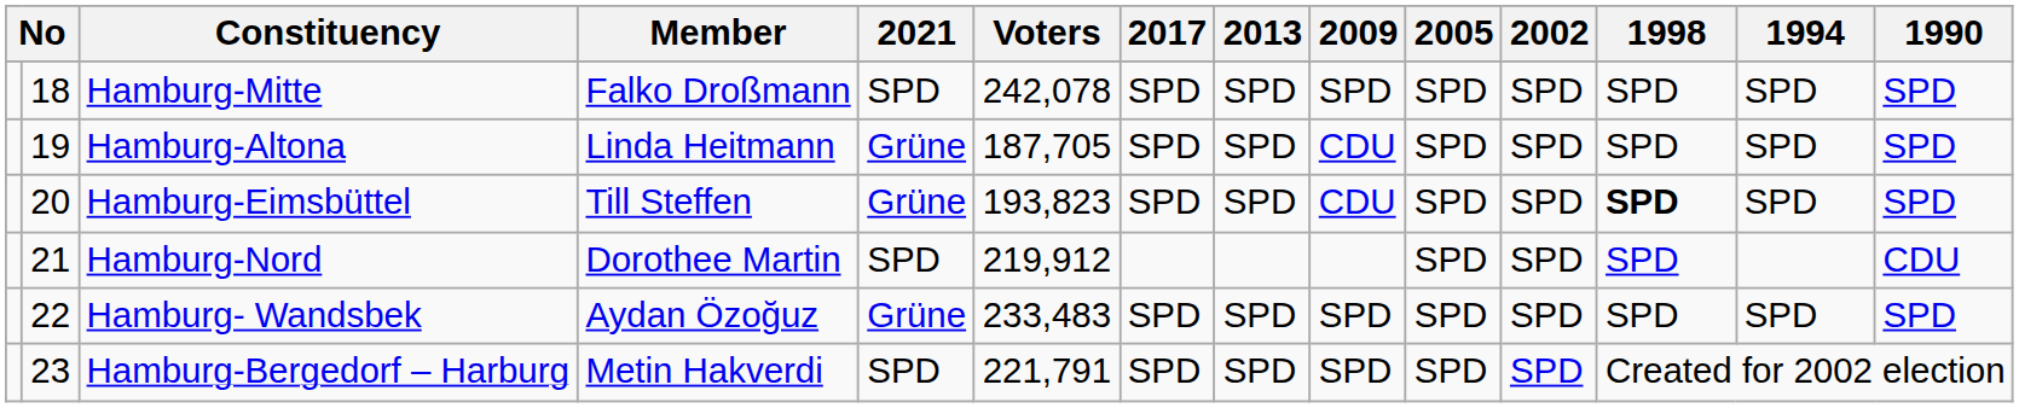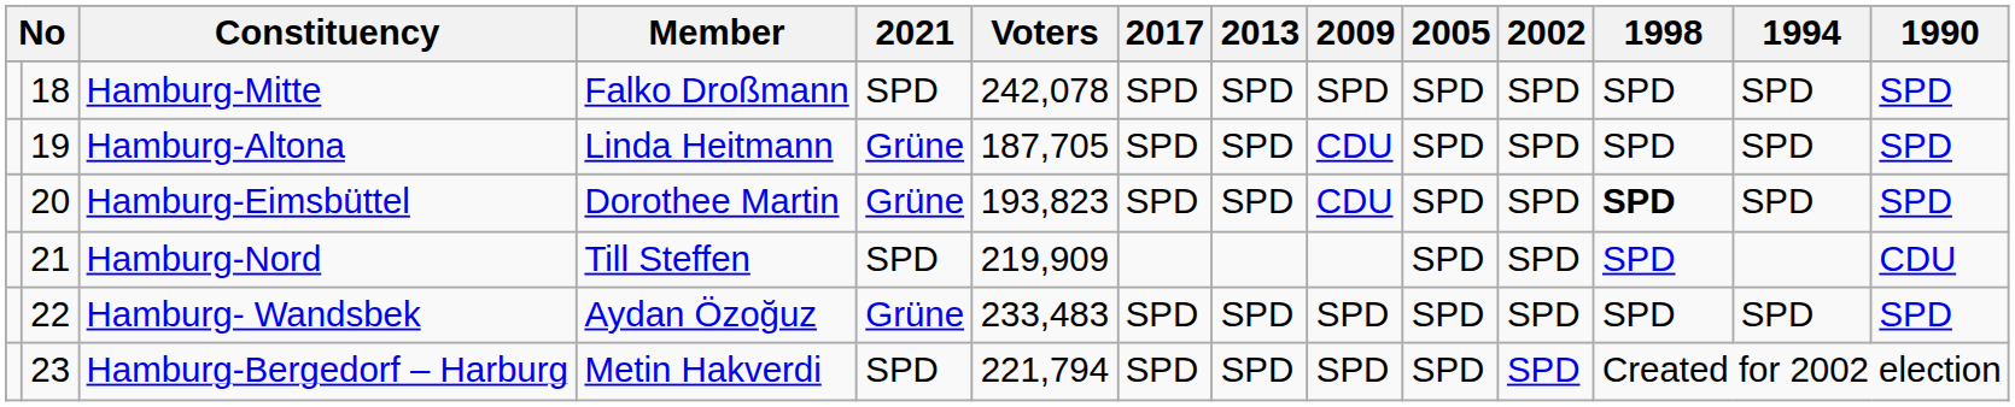 <table class="wikitable sortable">
 <tr>
 <th colspan=2>No</th>
 <th>Constituency</th>
 <th>Member</th>
 <th>2021</th>
 <th>Voters</th>
 <th>2017</th>
 <th>2013</th>
 <th>2009</th>
 <th>2005</th>
 <th>2002</th>
 <th>1998</th>
 <th>1994</th>
 <th>1990</th>
 </tr>
 <tr>
 <td style="background-color: "></td>
 <td>18</td>
 <td><a href='#'>Hamburg-Mitte</a></td>
 <td><a href='#'>Falko Droßmann</a></td>
 <td bgcolor=>SPD</td>
 <td>242,078</td>
 <td bgcolor=>SPD</td>
 <td bgcolor=>SPD</td>
 <td bgcolor=>SPD</td>
 <td bgcolor=>SPD</td>
 <td bgcolor=>SPD</td>
 <td bgcolor=>SPD</td>
 <td bgcolor=>SPD</td>
 <td><a href='#'>SPD</a></td>
 </tr>
 <tr>
 <td style="background-color: "></td>
 <td>19</td>
 <td><a href='#'>Hamburg-Altona</a></td>
 <td><a href='#'>Linda Heitmann</a></td>
 <td bgcolor=><a href='#'>Grüne</a></td>
 <td>187,705</td>
 <td bgcolor=>SPD</td>
 <td bgcolor=>SPD</td>
 <td><a href='#'>CDU</a></td>
 <td bgcolor=>SPD</td>
 <td bgcolor=>SPD</td>
 <td bgcolor=>SPD</td>
 <td bgcolor=>SPD</td>
 <td><a href='#'>SPD</a></td>
 </tr>
 <tr>
 <td style="background-color: "></td>
 <td>20</td>
 <td><a href='#'>Hamburg-Eimsbüttel</a></td>
-<td><a href='#'>Till Steffen</a></td>
+<td><a href='#'>Dorothee Martin</a></td>
 <td><a href='#'>Grüne</a></td>
 <td>193,823</td>
 <td bgcolor=>SPD</td>
 <td bgcolor=>SPD</td>
 <td><a href='#'>CDU</a></td>
 <td bgcolor=>SPD</td>
 <td bgcolor=>SPD</td>
 <td bgcolor=><strong>SPD</strong></td>
 <td bgcolor=>SPD</td>
 <td><a href='#'>SPD</a></td>
 </tr>
 <tr>
 <td style="background-color: "></td>
 <td>21</td>
 <td><a href='#'>Hamburg-Nord</a></td>
-<td><a href='#'>Dorothee Martin</a></td>
+<td><a href='#'>Till Steffen</a></td>
 <td bgcolor=>SPD</td>
-<td>219,912</td>
+<td>219,909</td>
 <td></td>
 <td></td>
 <td></td>
 <td bgcolor=>SPD</td>
 <td bgcolor=>SPD</td>
 <td><a href='#'>SPD</a></td>
 <td></td>
 <td><a href='#'>CDU</a></td>
 </tr>
 <tr>
 <td style="background-color: "></td>
 <td>22</td>
 <td><a href='#'>Hamburg- Wandsbek</a></td>
 <td><a href='#'>Aydan Özoğuz</a></td>
 <td><a href='#'>Grüne</a></td>
 <td>233,483</td>
 <td bgcolor=>SPD</td>
 <td bgcolor=>SPD</td>
 <td bgcolor=>SPD</td>
 <td bgcolor=>SPD</td>
 <td bgcolor=>SPD</td>
 <td bgcolor=>SPD</td>
 <td bgcolor=>SPD</td>
 <td><a href='#'>SPD</a></td>
 </tr>
 <tr>
 <td style="background-color: "></td>
 <td>23</td>
 <td><a href='#'>Hamburg-Bergedorf – Harburg</a></td>
 <td><a href='#'>Metin Hakverdi</a></td>
 <td bgcolor=>SPD</td>
-<td>221,791</td>
+<td>221,794</td>
 <td bgcolor=>SPD</td>
 <td bgcolor=>SPD</td>
 <td bgcolor=>SPD</td>
 <td bgcolor=>SPD</td>
 <td><a href='#'>SPD</a></td>
 <td colspan=3>Created for 2002 election</td>
 </tr>
 </table>
